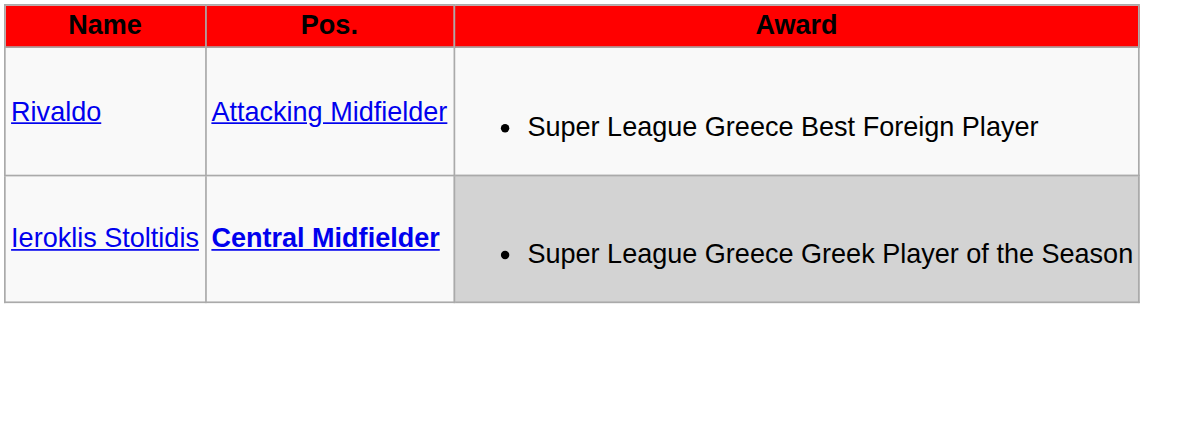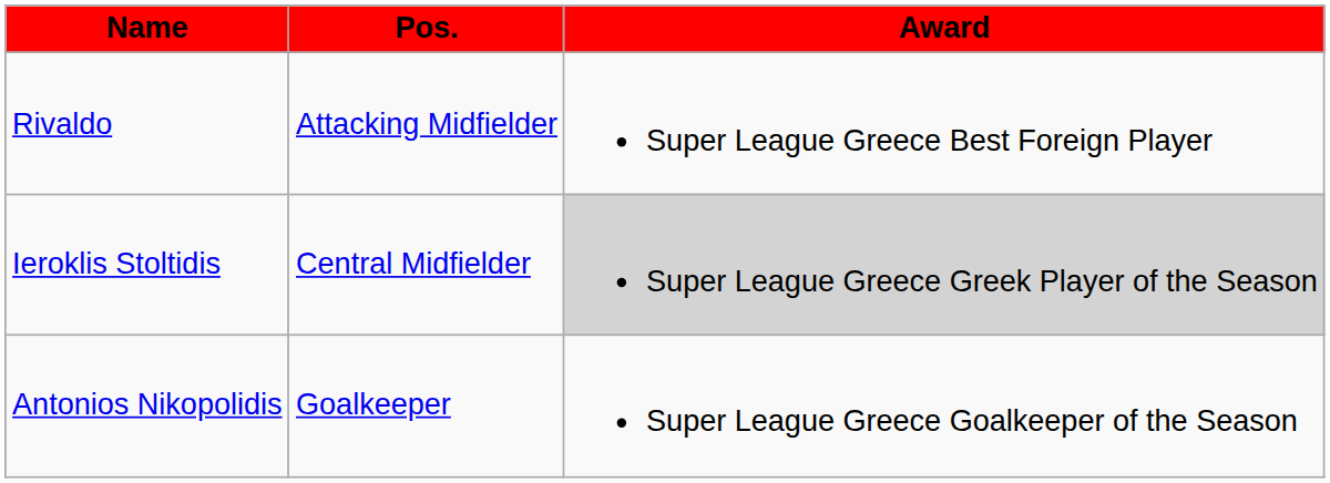 <table class="wikitable">
 <tr>
 <th style="background:#FF0000;">Name</th>
 <th style="background:#FF0000;">Pos.</th>
 <th style="background:#FF0000; !"><strong>Award</strong></th>
 </tr>
 <tr>
 <td> <a href='#'>Rivaldo</a></td>
 <td><a href='#'>Attacking Midfielder</a></td>
 <td><br><ul><li>Super League Greece Best Foreign Player</li></ul></td>
 </tr>
 <tr>
 <td> <a href='#'>Ieroklis Stoltidis</a></td>
-<td><strong><a href='#'>Central Midfielder</a></strong></td>
+<td><a href='#'>Central Midfielder</a></td>
 <td style="background: lightgrey;"><br><ul><li>Super League Greece  Greek Player of the Season</li></ul></td>
 </tr>
+<tr>
+<td> <a href='#'>Antonios Nikopolidis</a></td>
+<td><a href='#'>Goalkeeper</a></td>
+<td><br><ul><li>Super League Greece Goalkeeper of the Season</li></ul></td>
+</tr>
 </table>
